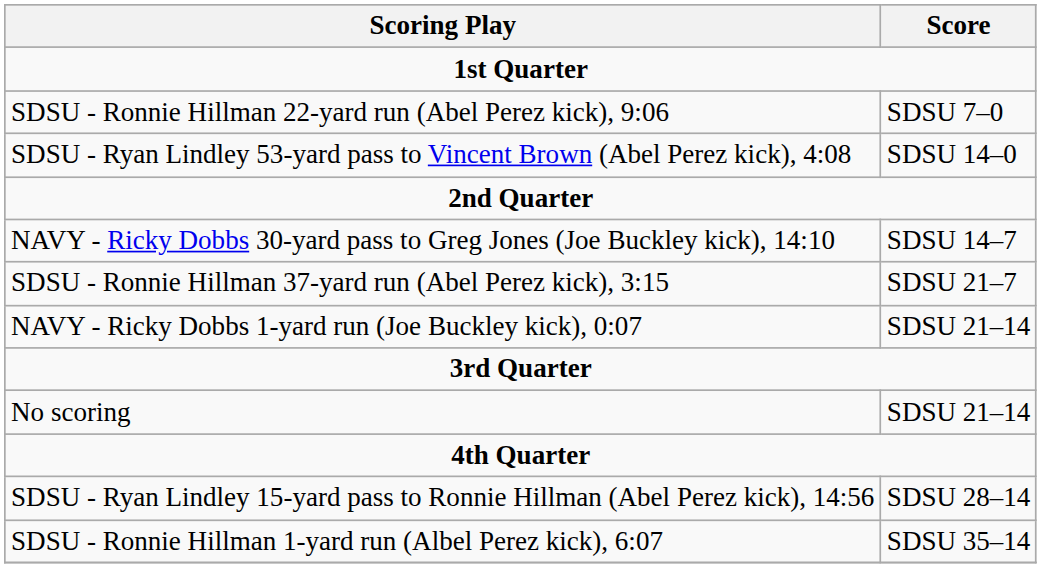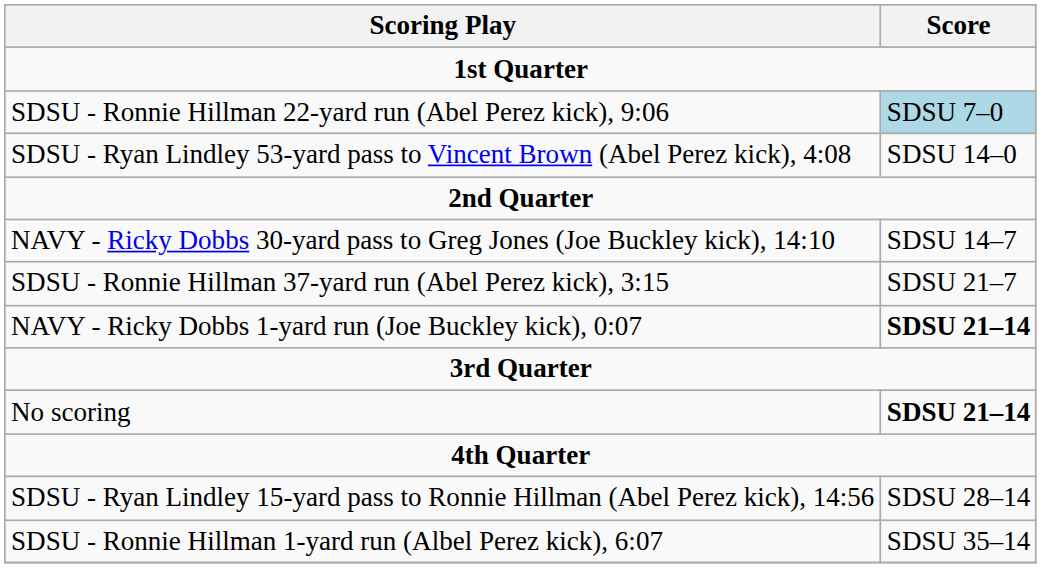 <table class="wikitable">
 <tr>
 <th>Scoring Play</th>
 <th>Score</th>
 </tr>
 <tr>
 <td colspan="4" align="center"><strong>1st Quarter</strong></td>
 </tr>
 <tr>
 <td>SDSU - Ronnie Hillman 22-yard run (Abel Perez kick), 9:06</td>
-<td>SDSU 7–0</td>
+<td style="background: lightblue;">SDSU 7–0</td>
 </tr>
 <tr>
 <td>SDSU - Ryan Lindley 53-yard pass to <a href='#'>Vincent Brown</a> (Abel Perez kick), 4:08</td>
 <td>SDSU 14–0</td>
 </tr>
 <tr>
 <td colspan="4" align="center"><strong>2nd Quarter</strong></td>
 </tr>
 <tr>
 <td>NAVY - <a href='#'>Ricky Dobbs</a> 30-yard pass to Greg Jones (Joe Buckley kick), 14:10</td>
 <td>SDSU 14–7</td>
 </tr>
 <tr>
 <td>SDSU - Ronnie Hillman 37-yard run (Abel Perez kick), 3:15</td>
 <td>SDSU 21–7</td>
 </tr>
 <tr>
 <td>NAVY - Ricky Dobbs 1-yard run (Joe Buckley kick), 0:07</td>
-<td>SDSU 21–14</td>
+<td><strong>SDSU 21–14</strong></td>
 </tr>
 <tr>
 <td colspan="4" align="center"><strong>3rd Quarter</strong></td>
 </tr>
 <tr>
 <td>No scoring</td>
-<td>SDSU 21–14</td>
+<td><strong>SDSU 21–14</strong></td>
 </tr>
 <tr>
 <td colspan="4" align="center"><strong>4th Quarter</strong></td>
 </tr>
 <tr>
 <td>SDSU - Ryan Lindley 15-yard pass to Ronnie Hillman (Abel Perez kick), 14:56</td>
 <td>SDSU 28–14</td>
 </tr>
 <tr>
 <td>SDSU - Ronnie Hillman 1-yard run (Albel Perez kick), 6:07</td>
 <td>SDSU 35–14</td>
 </tr>
 <tr>
 </tr>
 </table>
